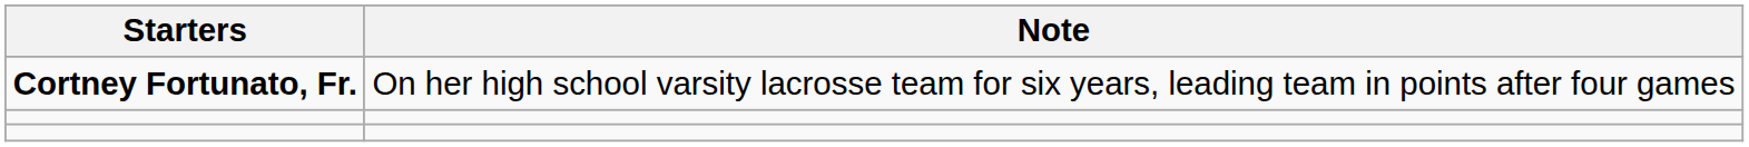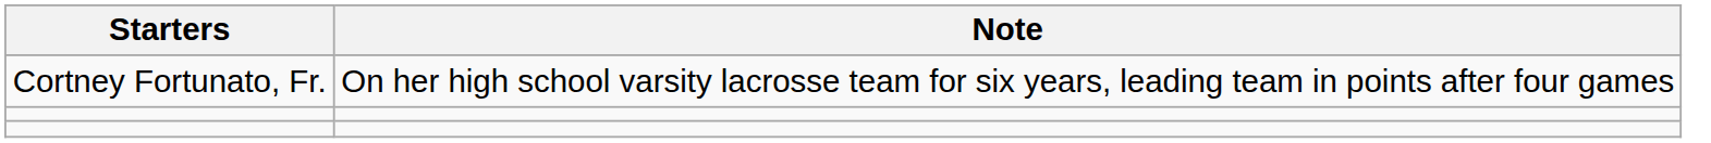 <table class="wikitable">
 <tr>
 <th>Starters</th>
 <th>Note</th>
 </tr>
 <tr>
-<td><strong>Cortney Fortunato, Fr.</strong></td>
+<td>Cortney Fortunato, Fr.</td>
 <td>On her high school varsity lacrosse team for six years, leading team in points after four games</td>
 </tr>
 <tr>
 <td></td>
 <td></td>
 </tr>
 <tr>
 <td></td>
 <td></td>
 </tr>
 </table>
